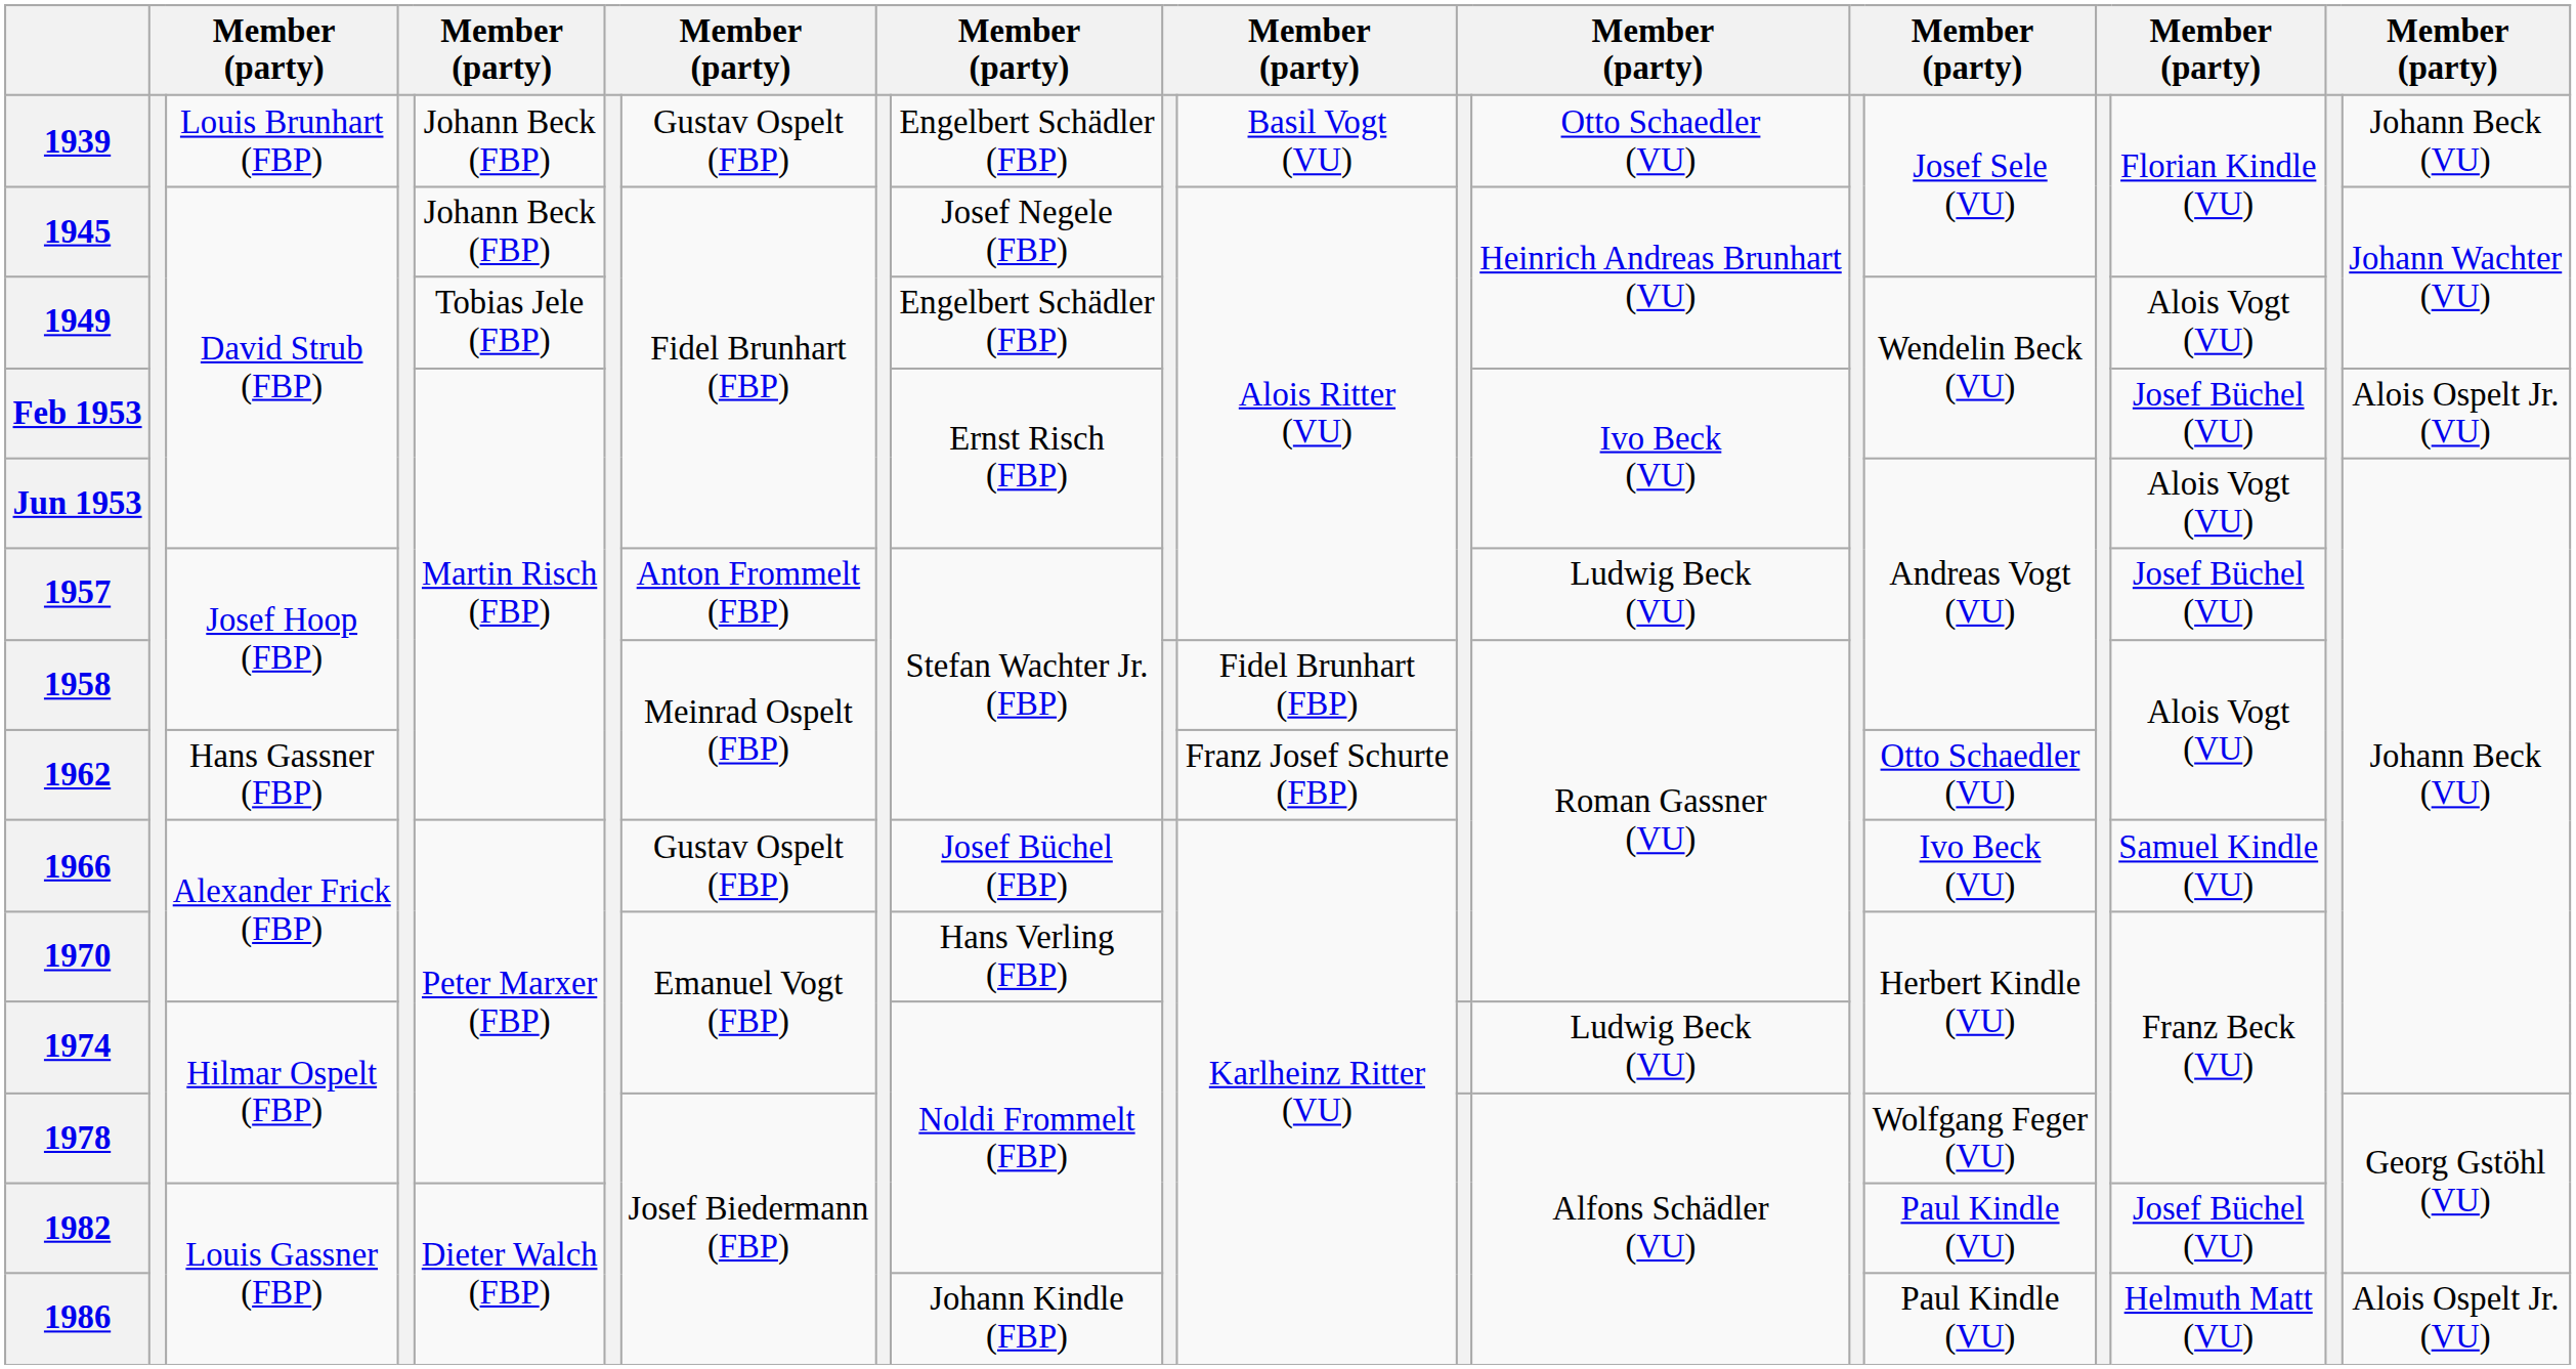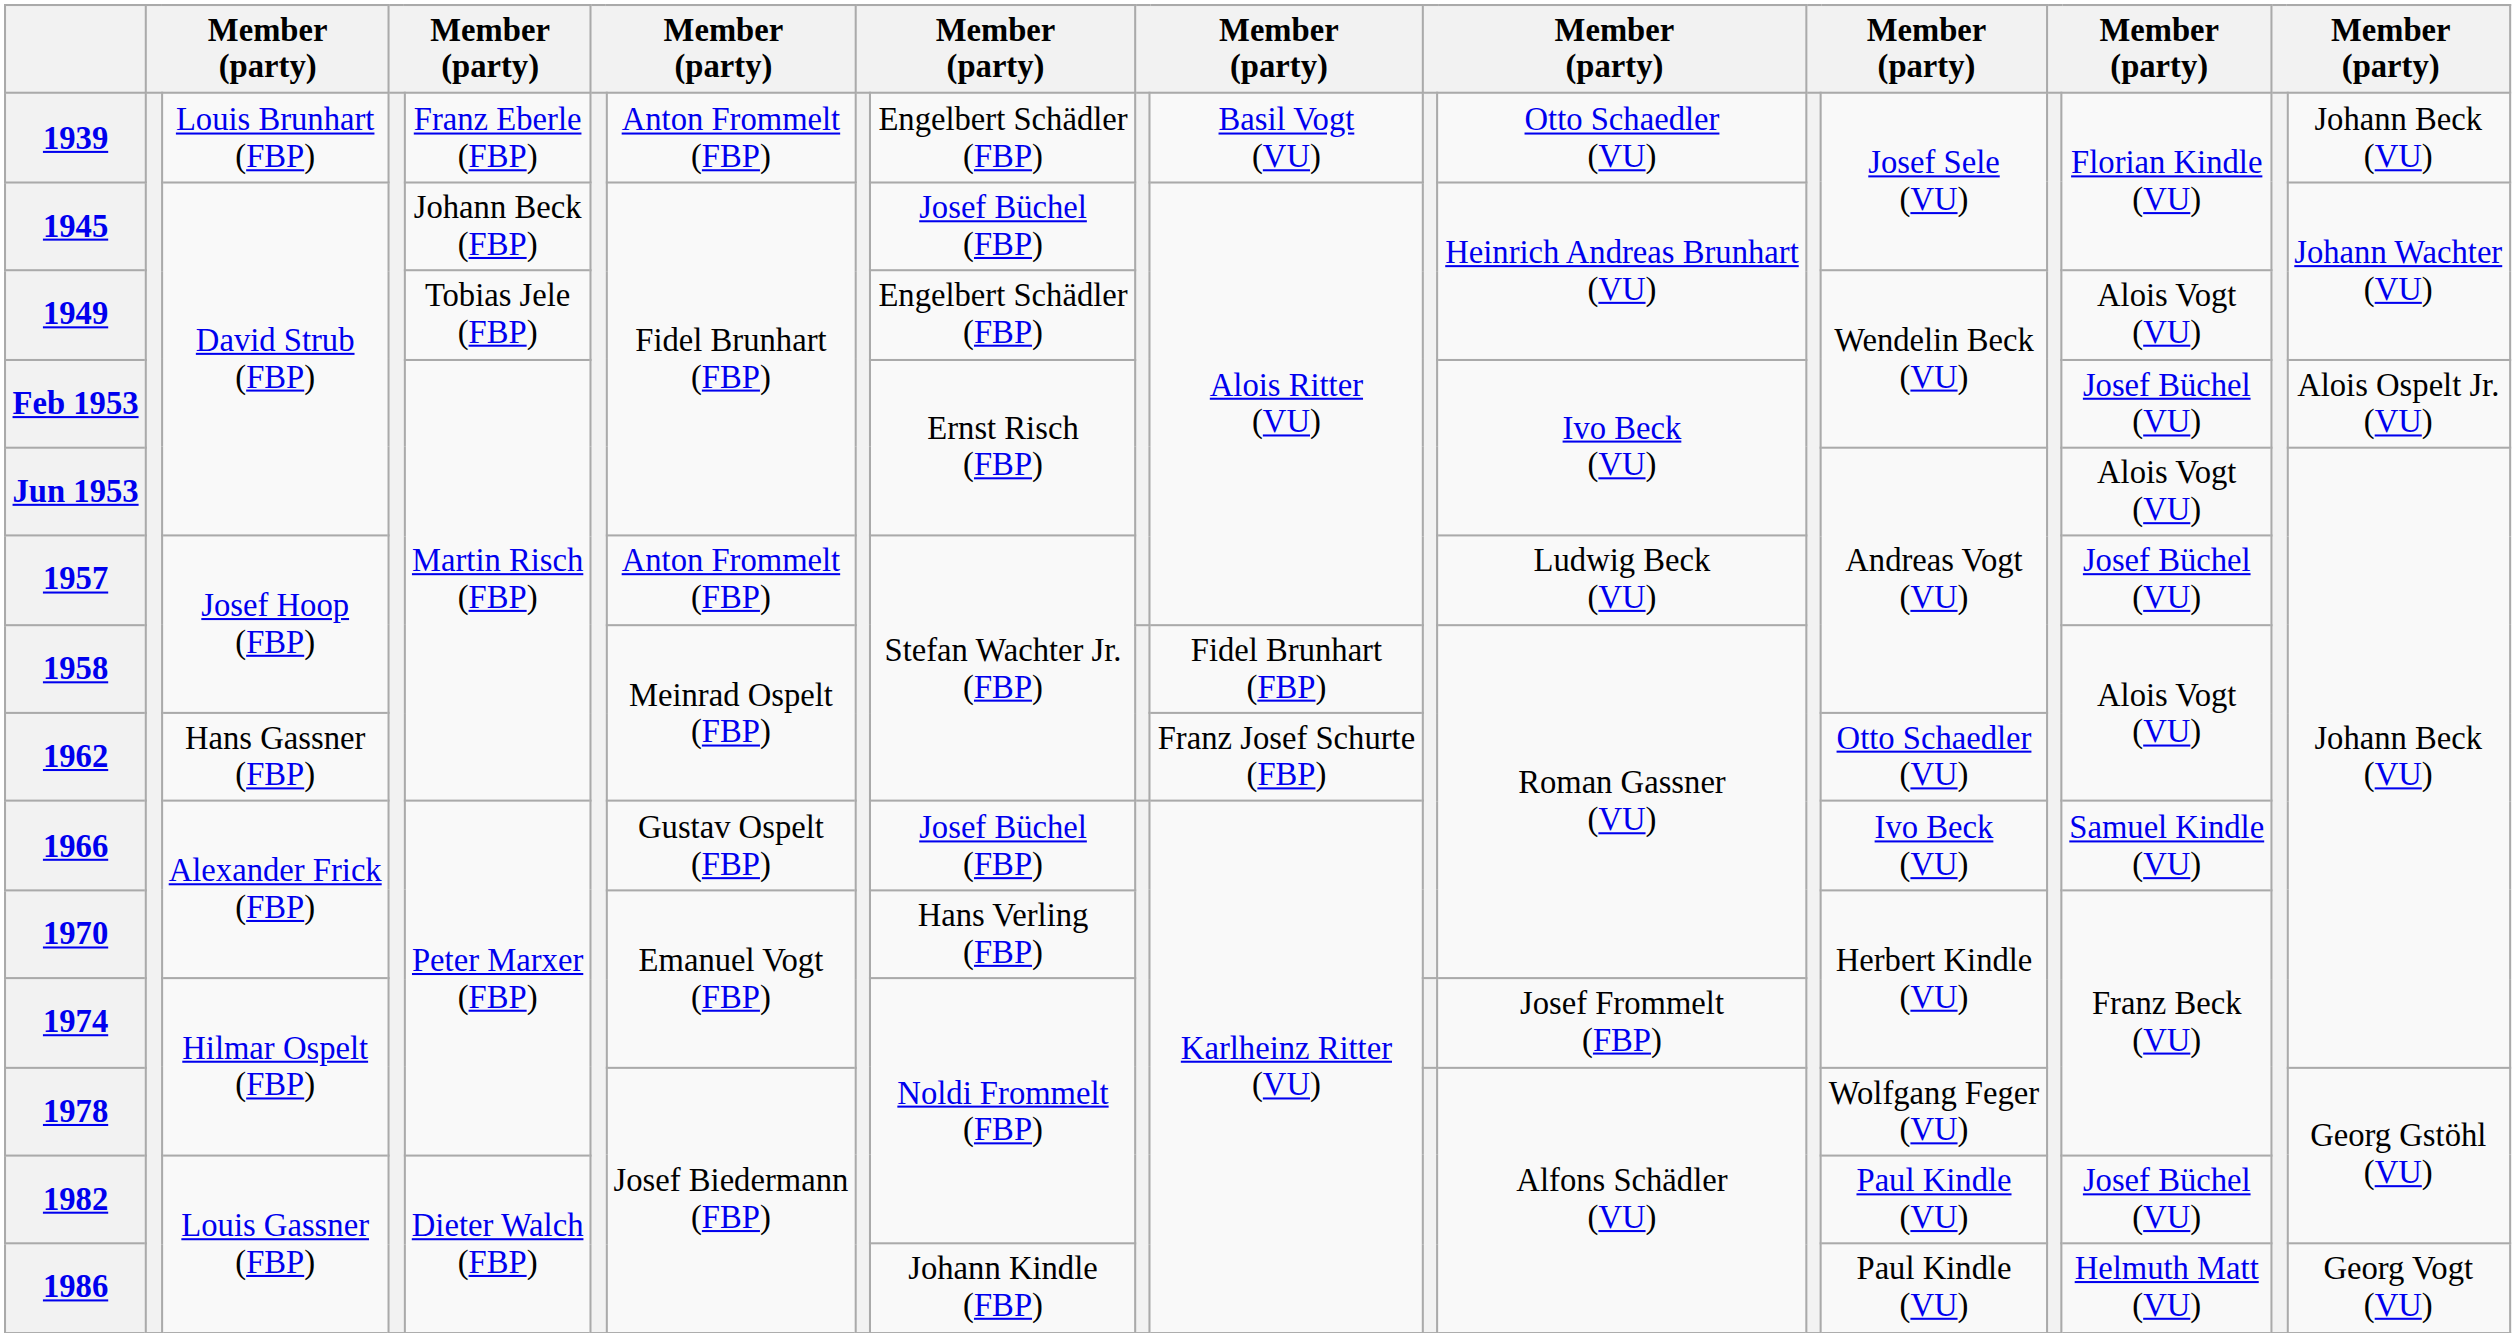 <table class="wikitable" style="text-align:center">
 <tr>
 <th></th>
 <th colspan=2>Member<br>(party)</th>
 <th colspan=2>Member<br>(party)</th>
 <th colspan=2>Member<br>(party)</th>
 <th colspan=2>Member<br>(party)</th>
 <th colspan=2>Member<br>(party)</th>
 <th colspan=2>Member<br>(party)</th>
 <th colspan=2>Member<br>(party)</th>
 <th colspan=2>Member<br>(party)</th>
 <th colspan=2>Member<br>(party)</th>
 </tr>
 <tr>
 <th><a href='#'>1939</a></th>
 <th rowspan=14 style="background-color: "></th>
 <td rowspan=1><a href='#'>Louis Brunhart</a><br>(<a href='#'>FBP</a>)</td>
 <th rowspan=14 style="background-color: "></th>
-<td rowspan=1>Johann Beck<br>(<a href='#'>FBP</a>)</td>
+<td rowspan=1><a href='#'>Franz Eberle</a><br>(<a href='#'>FBP</a>)</td>
 <th rowspan=14 style="background-color: "></th>
-<td rowspan=1>Gustav Ospelt<br>(<a href='#'>FBP</a>)</td>
+<td rowspan=1><a href='#'>Anton Frommelt</a><br>(<a href='#'>FBP</a>)</td>
 <th rowspan=14 style="background-color: "></th>
 <td rowspan=1>Engelbert Schädler<br>(<a href='#'>FBP</a>)</td>
 <th rowspan=6 style="background-color: "></th>
 <td rowspan=1><a href='#'>Basil Vogt</a><br>(<a href='#'>VU</a>)</td>
 <th rowspan=10 style="background-color: "></th>
 <td rowspan=1><a href='#'>Otto Schaedler</a><br>(<a href='#'>VU</a>)</td>
 <th rowspan=14 style="background-color: "></th>
 <td rowspan=2><a href='#'>Josef Sele</a><br>(<a href='#'>VU</a>)</td>
 <th rowspan=14 style="background-color: "></th>
 <td rowspan=2><a href='#'>Florian Kindle</a><br>(<a href='#'>VU</a>)</td>
 <th rowspan=14 style="background-color: "></th>
 <td rowspan=1>Johann Beck<br>(<a href='#'>VU</a>)</td>
 </tr>
 <tr>
 <th><a href='#'>1945</a></th>
 <td rowspan=4><a href='#'>David Strub</a><br>(<a href='#'>FBP</a>)</td>
 <td rowspan=1>Johann Beck<br>(<a href='#'>FBP</a>)</td>
 <td rowspan=4>Fidel Brunhart<br>(<a href='#'>FBP</a>)</td>
-<td rowspan=1>Josef Negele<br>(<a href='#'>FBP</a>)</td>
+<td rowspan=1><a href='#'>Josef Büchel</a><br>(<a href='#'>FBP</a>)</td>
 <td rowspan=5><a href='#'>Alois Ritter</a><br>(<a href='#'>VU</a>)</td>
 <td rowspan=2><a href='#'>Heinrich Andreas Brunhart</a><br>(<a href='#'>VU</a>)</td>
 <td rowspan=2><a href='#'>Johann Wachter</a><br>(<a href='#'>VU</a>)</td>
 </tr>
 <tr>
 <th><a href='#'>1949</a></th>
 <td rowspan=1>Tobias Jele<br>(<a href='#'>FBP</a>)</td>
 <td rowspan=1>Engelbert Schädler<br>(<a href='#'>FBP</a>)</td>
 <td rowspan=2>Wendelin Beck<br>(<a href='#'>VU</a>)</td>
 <td rowspan=1>Alois Vogt<br>(<a href='#'>VU</a>)</td>
 </tr>
 <tr>
 <th><a href='#'>Feb 1953</a></th>
 <td rowspan=5><a href='#'>Martin Risch</a><br>(<a href='#'>FBP</a>)</td>
 <td rowspan=2>Ernst Risch<br>(<a href='#'>FBP</a>)</td>
 <td rowspan=2><a href='#'>Ivo Beck</a><br>(<a href='#'>VU</a>)</td>
 <td rowspan=1><a href='#'>Josef Büchel</a><br>(<a href='#'>VU</a>)</td>
 <td rowspan=1>Alois Ospelt Jr.<br>(<a href='#'>VU</a>)</td>
 </tr>
 <tr>
 <th><a href='#'>Jun 1953</a></th>
 <td rowspan=3>Andreas Vogt<br>(<a href='#'>VU</a>)</td>
 <td rowspan=1>Alois Vogt<br>(<a href='#'>VU</a>)</td>
 <td rowspan=7>Johann Beck<br>(<a href='#'>VU</a>)</td>
 </tr>
 <tr>
 <th><a href='#'>1957</a></th>
 <td rowspan=2><a href='#'>Josef Hoop</a><br>(<a href='#'>FBP</a>)</td>
 <td rowspan=1><a href='#'>Anton Frommelt</a><br>(<a href='#'>FBP</a>)</td>
 <td rowspan=3>Stefan Wachter Jr.<br>(<a href='#'>FBP</a>)</td>
 <td rowspan=1>Ludwig Beck<br>(<a href='#'>VU</a>)</td>
 <td rowspan=1><a href='#'>Josef Büchel</a><br>(<a href='#'>VU</a>)</td>
 </tr>
 <tr>
 <th><a href='#'>1958</a></th>
 <td rowspan=2>Meinrad Ospelt<br>(<a href='#'>FBP</a>)</td>
 <th rowspan=2 style="background-color: "></th>
 <td rowspan=1>Fidel Brunhart<br>(<a href='#'>FBP</a>)</td>
 <td rowspan=4>Roman Gassner<br>(<a href='#'>VU</a>)</td>
 <td rowspan=2>Alois Vogt<br>(<a href='#'>VU</a>)</td>
 </tr>
 <tr>
 <th><a href='#'>1962</a></th>
 <td rowspan=1>Hans Gassner<br>(<a href='#'>FBP</a>)</td>
 <td rowspan=1>Franz Josef Schurte<br>(<a href='#'>FBP</a>)</td>
 <td rowspan=1><a href='#'>Otto Schaedler</a><br>(<a href='#'>VU</a>)</td>
 </tr>
 <tr>
 <th><a href='#'>1966</a></th>
 <td rowspan=2><a href='#'>Alexander Frick</a><br>(<a href='#'>FBP</a>)</td>
 <td rowspan=4><a href='#'>Peter Marxer</a><br>(<a href='#'>FBP</a>)</td>
 <td rowspan=1>Gustav Ospelt<br>(<a href='#'>FBP</a>)</td>
 <td rowspan=1><a href='#'>Josef Büchel</a><br>(<a href='#'>FBP</a>)</td>
 <th rowspan=6 style="background-color: "></th>
 <td rowspan=6><a href='#'>Karlheinz Ritter</a><br>(<a href='#'>VU</a>)</td>
 <td rowspan=1><a href='#'>Ivo Beck</a><br>(<a href='#'>VU</a>)</td>
 <td rowspan=1><a href='#'>Samuel Kindle</a><br>(<a href='#'>VU</a>)</td>
 </tr>
 <tr>
 <th><a href='#'>1970</a></th>
 <td rowspan=2>Emanuel Vogt<br>(<a href='#'>FBP</a>)</td>
 <td rowspan=1>Hans Verling<br>(<a href='#'>FBP</a>)</td>
 <td rowspan=2>Herbert Kindle<br>(<a href='#'>VU</a>)</td>
 <td rowspan=3>Franz Beck<br>(<a href='#'>VU</a>)</td>
 </tr>
 <tr>
 <th><a href='#'>1974</a></th>
 <td rowspan=2><a href='#'>Hilmar Ospelt</a><br>(<a href='#'>FBP</a>)</td>
 <td rowspan=3><a href='#'>Noldi Frommelt</a><br>(<a href='#'>FBP</a>)</td>
 <th rowspan=1 style="background-color: "></th>
-<td rowspan=1>Ludwig Beck<br>(<a href='#'>VU</a>)</td>
+<td rowspan=1>Josef Frommelt<br>(<a href='#'>FBP</a>)</td>
 </tr>
 <tr>
 <th><a href='#'>1978</a></th>
 <td rowspan=3>Josef Biedermann<br>(<a href='#'>FBP</a>)</td>
 <th rowspan=3 style="background-color: "></th>
 <td rowspan=3>Alfons Schädler<br>(<a href='#'>VU</a>)</td>
 <td rowspan=1>Wolfgang Feger<br>(<a href='#'>VU</a>)</td>
 <td rowspan=2>Georg Gstöhl<br>(<a href='#'>VU</a>)</td>
 </tr>
 <tr>
 <th><a href='#'>1982</a></th>
 <td rowspan=2><a href='#'>Louis Gassner</a><br>(<a href='#'>FBP</a>)</td>
 <td rowspan=2><a href='#'>Dieter Walch</a><br>(<a href='#'>FBP</a>)</td>
 <td rowspan=1><a href='#'>Paul Kindle</a><br>(<a href='#'>VU</a>)</td>
 <td rowspan=1><a href='#'>Josef Büchel</a><br>(<a href='#'>VU</a>)</td>
 </tr>
 <tr>
 <th><a href='#'>1986</a></th>
 <td rowspan=1>Johann Kindle<br>(<a href='#'>FBP</a>)</td>
 <td rowspan=1>Paul Kindle<br>(<a href='#'>VU</a>)</td>
 <td rowspan=1><a href='#'>Helmuth Matt</a><br>(<a href='#'>VU</a>)</td>
-<td rowspan=1>Alois Ospelt Jr.<br>(<a href='#'>VU</a>)</td>
+<td rowspan=1>Georg Vogt<br>(<a href='#'>VU</a>)</td>
 </tr>
 </table>
